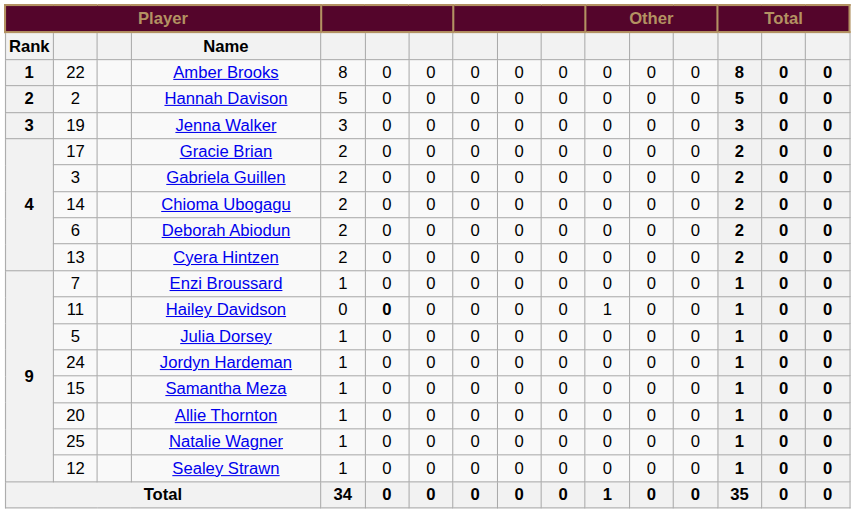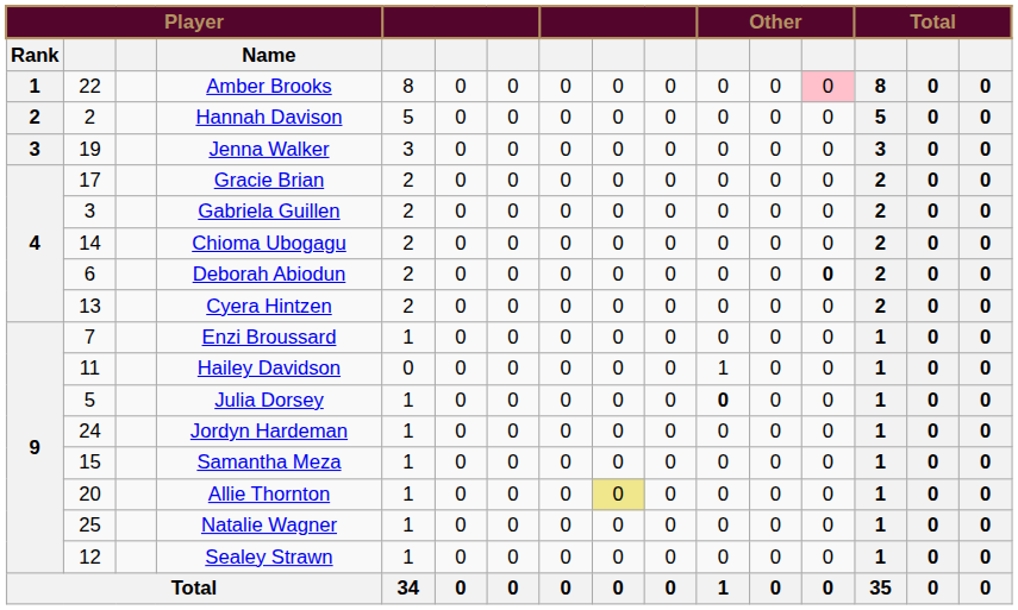 <table class="wikitable sortable" style="text-align:center;">
 <tr>
 <th colspan="4" style="background:#54052B; color:#B39262; border:2px solid #B39262; width:75px;" scope="colgroup">Player</th>
 <th colspan="3" style="background:#54052B; color:#B39262; border:2px solid #B39262; width:75px;" scope="colgroup"></th>
 <th colspan="3" style="background:#54052B; color:#B39262; border:2px solid #B39262; width:75px;" scope="colgroup"></th>
 <th colspan="3" style="background:#54052B; color:#B39262; border:2px solid #B39262; width:75px;" scope="colgroup">Other</th>
 <th colspan="3" style="background:#54052B; color:#B39262; border:2px solid #B39262; width:75px;" scope="colgroup">Total</th>
 </tr>
 <tr>
 <th style="width:35px;" scope="col">Rank</th>
 <th style="width:35px;" scope="col"></th>
 <th style="width:25px;" scope="col"></th>
 <th style="width:175px;" scope="col">Name</th>
 <th style="width:35px;" scope="col"></th>
 <th style="width:35px;" scope="col"></th>
 <th style="width:35px;" scope="col"></th>
 <th style="width:35px;" scope="col"></th>
 <th style="width:35px;" scope="col"></th>
 <th style="width:35px;" scope="col"></th>
 <th style="width:35px;" scope="col"></th>
 <th style="width:35px;" scope="col"></th>
 <th style="width:35px;" scope="col"></th>
 <th style="width:35px;" scope="col"></th>
 <th style="width:35px;" scope="col"></th>
 <th style="width:35px;" scope="col"></th>
 </tr>
 <tr>
 <th>1</th>
 <td>22</td>
 <td></td>
 <td><a href='#'>Amber Brooks</a></td>
 <td>8</td>
 <td>0</td>
 <td>0</td>
 <td>0</td>
 <td>0</td>
 <td>0</td>
 <td>0</td>
 <td>0</td>
-<td>0</td>
+<td style="background: pink;">0</td>
 <th>8</th>
 <th>0</th>
 <th>0</th>
 </tr>
 <tr>
 <th>2</th>
 <td>2</td>
 <td></td>
 <td><a href='#'>Hannah Davison</a></td>
 <td>5</td>
 <td>0</td>
 <td>0</td>
 <td>0</td>
 <td>0</td>
 <td>0</td>
 <td>0</td>
 <td>0</td>
 <td>0</td>
 <th>5</th>
 <th>0</th>
 <th>0</th>
 </tr>
 <tr>
 <th>3</th>
 <td>19</td>
 <td></td>
 <td><a href='#'>Jenna Walker</a></td>
 <td>3</td>
 <td>0</td>
 <td>0</td>
 <td>0</td>
 <td>0</td>
 <td>0</td>
 <td>0</td>
 <td>0</td>
 <td>0</td>
 <th>3</th>
 <th>0</th>
 <th>0</th>
 </tr>
 <tr>
 <th rowspan="5">4</th>
 <td>17</td>
 <td></td>
 <td><a href='#'>Gracie Brian</a></td>
 <td>2</td>
 <td>0</td>
 <td>0</td>
 <td>0</td>
 <td>0</td>
 <td>0</td>
 <td>0</td>
 <td>0</td>
 <td>0</td>
 <th>2</th>
 <th>0</th>
 <th>0</th>
 </tr>
 <tr>
 <td>3</td>
 <td></td>
 <td><a href='#'>Gabriela Guillen</a></td>
 <td>2</td>
 <td>0</td>
 <td>0</td>
 <td>0</td>
 <td>0</td>
 <td>0</td>
 <td>0</td>
 <td>0</td>
 <td>0</td>
 <th>2</th>
 <th>0</th>
 <th>0</th>
 </tr>
 <tr>
 <td>14</td>
 <td></td>
 <td><a href='#'>Chioma Ubogagu</a></td>
 <td>2</td>
 <td>0</td>
 <td>0</td>
 <td>0</td>
 <td>0</td>
 <td>0</td>
 <td>0</td>
 <td>0</td>
 <td>0</td>
 <th>2</th>
 <th>0</th>
 <th>0</th>
 </tr>
 <tr>
 <td>6</td>
 <td></td>
 <td><a href='#'>Deborah Abiodun</a></td>
 <td>2</td>
 <td>0</td>
 <td>0</td>
 <td>0</td>
 <td>0</td>
 <td>0</td>
 <td>0</td>
 <td>0</td>
-<td>0</td>
+<td><strong>0</strong></td>
 <th>2</th>
 <th>0</th>
 <th>0</th>
 </tr>
 <tr>
 <td>13</td>
 <td></td>
 <td><a href='#'>Cyera Hintzen</a></td>
 <td>2</td>
 <td>0</td>
 <td>0</td>
 <td>0</td>
 <td>0</td>
 <td>0</td>
 <td>0</td>
 <td>0</td>
 <td>0</td>
 <th>2</th>
 <th>0</th>
 <th>0</th>
 </tr>
 <tr>
 <th rowspan="8">9</th>
 <td>7</td>
 <td></td>
 <td><a href='#'>Enzi Broussard</a></td>
 <td>1</td>
 <td>0</td>
 <td>0</td>
 <td>0</td>
 <td>0</td>
 <td>0</td>
 <td>0</td>
 <td>0</td>
 <td>0</td>
 <th>1</th>
 <th>0</th>
 <th>0</th>
 </tr>
 <tr>
 <td>11</td>
 <td></td>
 <td><a href='#'>Hailey Davidson</a></td>
 <td>0</td>
-<td><strong>0</strong></td>
+<td>0</td>
 <td>0</td>
 <td>0</td>
 <td>0</td>
 <td>0</td>
 <td>1</td>
 <td>0</td>
 <td>0</td>
 <th>1</th>
 <th>0</th>
 <th>0</th>
 </tr>
 <tr>
 <td>5</td>
 <td></td>
 <td><a href='#'>Julia Dorsey</a></td>
 <td>1</td>
 <td>0</td>
 <td>0</td>
 <td>0</td>
 <td>0</td>
 <td>0</td>
-<td>0</td>
+<td><strong>0</strong></td>
 <td>0</td>
 <td>0</td>
 <th>1</th>
 <th>0</th>
 <th>0</th>
 </tr>
 <tr>
 <td>24</td>
 <td></td>
 <td><a href='#'>Jordyn Hardeman</a></td>
 <td>1</td>
 <td>0</td>
 <td>0</td>
 <td>0</td>
 <td>0</td>
 <td>0</td>
 <td>0</td>
 <td>0</td>
 <td>0</td>
 <th>1</th>
 <th>0</th>
 <th>0</th>
 </tr>
 <tr>
 <td>15</td>
 <td></td>
 <td><a href='#'>Samantha Meza</a></td>
 <td>1</td>
 <td>0</td>
 <td>0</td>
 <td>0</td>
 <td>0</td>
 <td>0</td>
 <td>0</td>
 <td>0</td>
 <td>0</td>
 <th>1</th>
 <th>0</th>
 <th>0</th>
 </tr>
 <tr>
 <td>20</td>
 <td></td>
 <td><a href='#'>Allie Thornton</a></td>
 <td>1</td>
 <td>0</td>
 <td>0</td>
 <td>0</td>
-<td>0</td>
+<td style="background: khaki;">0</td>
 <td>0</td>
 <td>0</td>
 <td>0</td>
 <td>0</td>
 <th>1</th>
 <th>0</th>
 <th>0</th>
 </tr>
 <tr>
 <td>25</td>
 <td></td>
 <td><a href='#'>Natalie Wagner</a></td>
 <td>1</td>
 <td>0</td>
 <td>0</td>
 <td>0</td>
 <td>0</td>
 <td>0</td>
 <td>0</td>
 <td>0</td>
 <td>0</td>
 <th>1</th>
 <th>0</th>
 <th>0</th>
 </tr>
 <tr>
 <td>12</td>
 <td></td>
 <td><a href='#'>Sealey Strawn</a></td>
 <td>1</td>
 <td>0</td>
 <td>0</td>
 <td>0</td>
 <td>0</td>
 <td>0</td>
 <td>0</td>
 <td>0</td>
 <td>0</td>
 <th>1</th>
 <th>0</th>
 <th>0</th>
 </tr>
 <tr>
 <th colspan="4">Total</th>
 <th>34</th>
 <th>0</th>
 <th>0</th>
 <th>0</th>
 <th>0</th>
 <th>0</th>
 <th>1</th>
 <th>0</th>
 <th>0</th>
 <th>35</th>
 <th>0</th>
 <th>0</th>
 </tr>
 </table>
